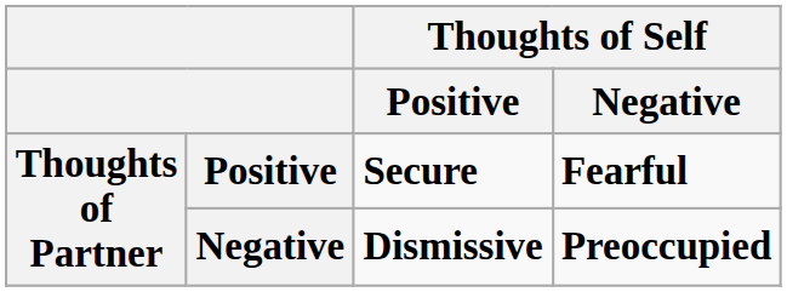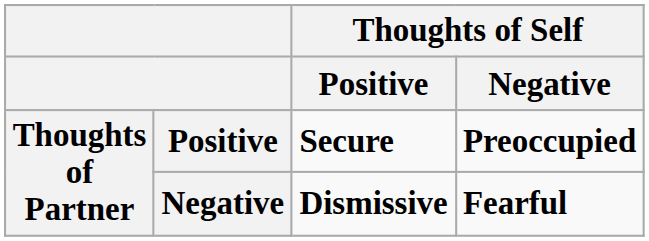 <table class="wikitable">
 <tr>
 <th colspan="2"> </th>
 <th colspan="2">Thoughts of Self</th>
 </tr>
 <tr>
 <th colspan="2"> </th>
 <th>Positive</th>
 <th>Negative</th>
 </tr>
 <tr>
 <th rowspan="2">Thoughts<br>of<br>Partner</th>
 <th>Positive</th>
 <td><strong>Secure</strong><br></td>
-<td><strong>Fearful</strong><br></td>
+<td><strong>Preoccupied</strong><br></td>
 </tr>
 <tr>
 <th>Negative</th>
 <td><strong>Dismissive</strong><br></td>
-<td><strong>Preoccupied</strong><br></td>
+<td><strong>Fearful</strong><br></td>
 </tr>
 </table>
